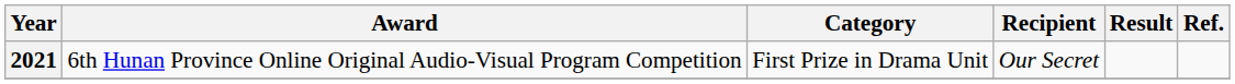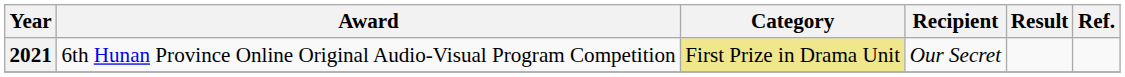 <table class="wikitable sortable plainrowheaders">
 <tr>
 <th>Year</th>
 <th>Award</th>
 <th>Category</th>
 <th>Recipient</th>
 <th>Result</th>
 <th>Ref.</th>
 </tr>
 <tr>
 <th scope=row>2021</th>
 <td>6th <a href='#'>Hunan</a> Province Online Original Audio-Visual Program Competition</td>
-<td>First Prize in Drama Unit</td>
+<td style="background: khaki;">First Prize in Drama Unit</td>
 <td><em>Our Secret</em></td>
 <td></td>
 <td></td>
 </tr>
 <tr>
 </tr>
 </table>
